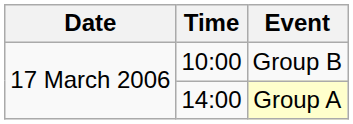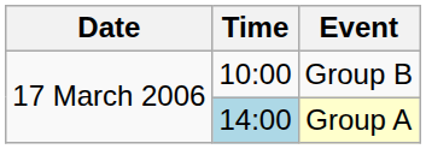 <table class = "wikitable" style="text-align:center;">
 <tr>
 <th>Date</th>
 <th>Time</th>
 <th>Event</th>
 </tr>
 <tr>
 <td rowspan=2>17 March 2006</td>
 <td>10:00</td>
 <td>Group B</td>
 </tr>
 <tr>
-<td>14:00</td>
+<td style="background: lightblue;">14:00</td>
 <td bgcolor=ffffcc>Group A</td>
 </tr>
 </table>
